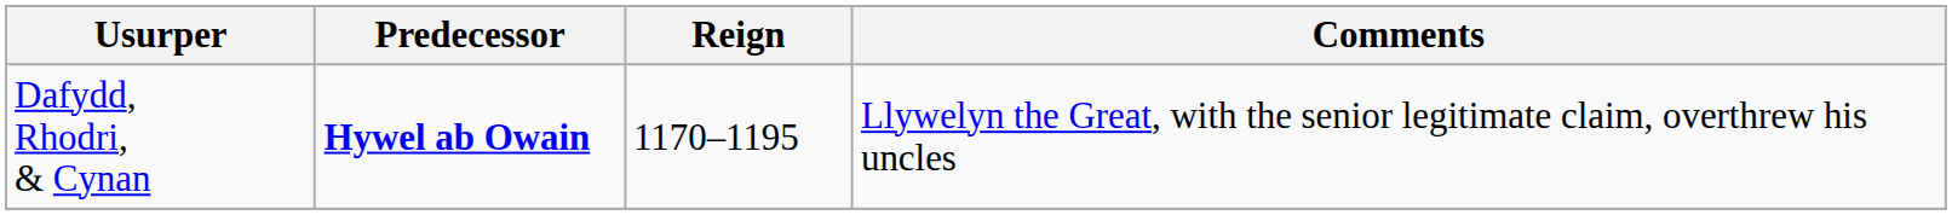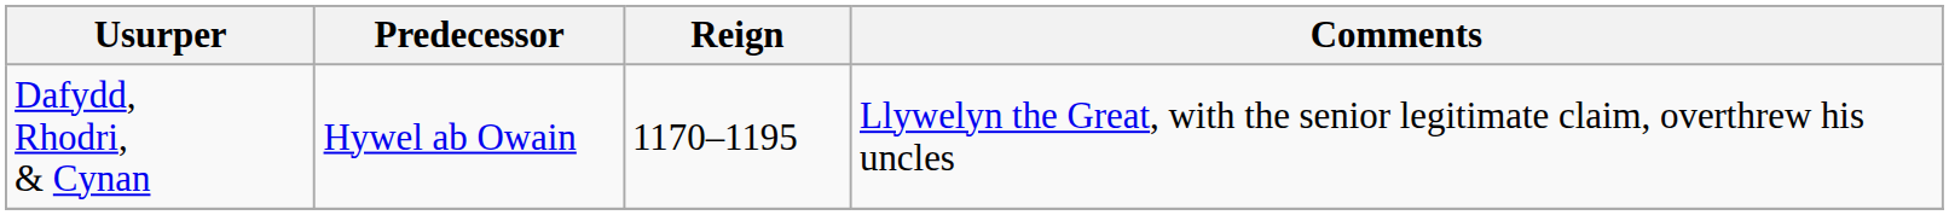 <table class="wikitable">
 <tr>
 <th width="125">Usurper</th>
 <th width="125">Predecessor</th>
 <th width="90">Reign</th>
 <th width="460">Comments</th>
 </tr>
 <tr>
 <td><a href='#'>Dafydd</a>,<br> <a href='#'>Rhodri</a>,<br> & <a href='#'>Cynan</a></td>
-<td><strong><a href='#'>Hywel ab Owain</a></strong></td>
+<td><a href='#'>Hywel ab Owain</a></td>
 <td>1170–1195</td>
 <td><a href='#'>Llywelyn the Great</a>, with the senior legitimate claim, overthrew his uncles</td>
 </tr>
 <tr>
 </tr>
 </table>
